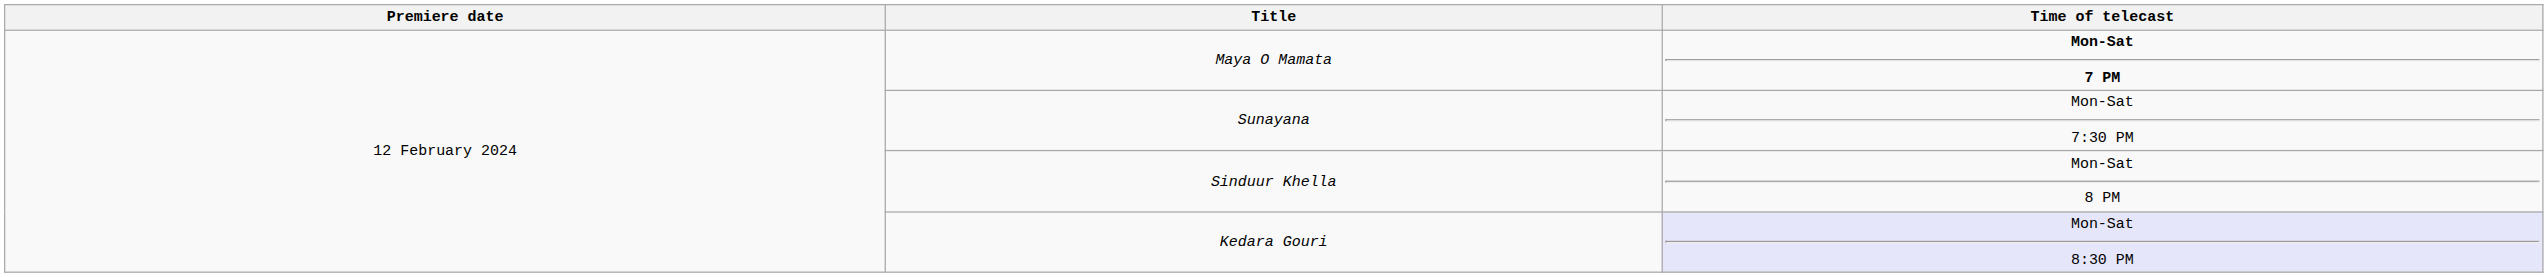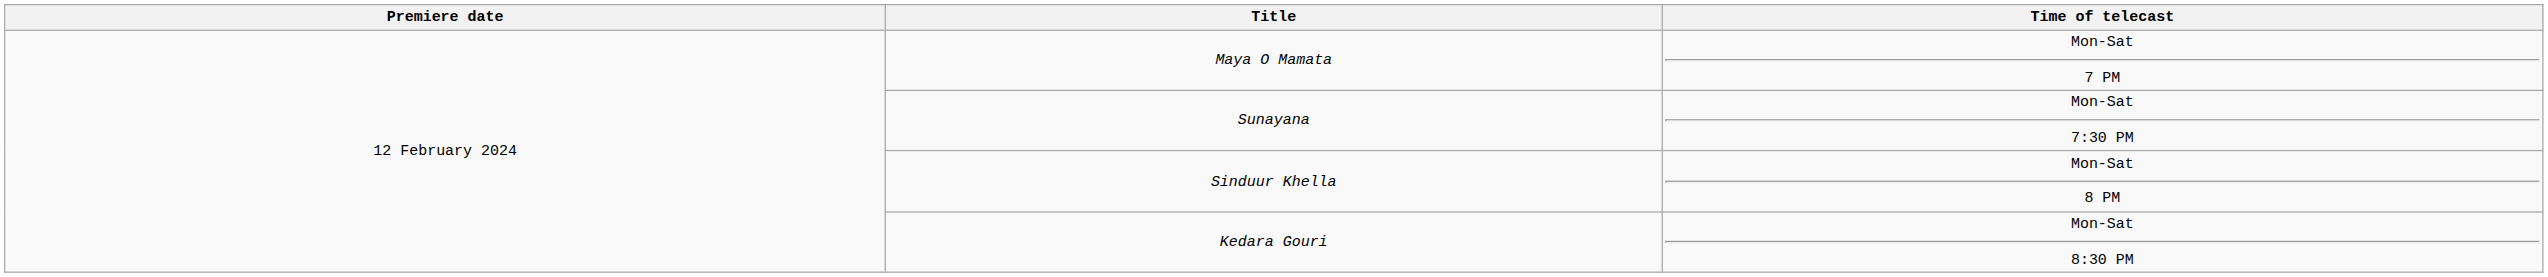 <table class="wikitable sortable" style="border-collapse:collapse; font-size: 90%; text-align:center" width="100%">
 <tr>
 <th>Premiere date</th>
 <th>Title</th>
 <th>Time of telecast</th>
 </tr>
 <tr>
 <td rowspan="4">12 February 2024</td>
 <td><em>Maya O Mamata</em></td>
-<td><strong>Mon-Sat<hr>7 PM</strong></td>
+<td>Mon-Sat<hr>7 PM</td>
 </tr>
 <tr>
 <td><em>Sunayana</em></td>
 <td>Mon-Sat<hr>7:30 PM</td>
 </tr>
 <tr>
 <td><em>Sinduur Khella</em></td>
 <td>Mon-Sat<hr>8 PM</td>
 </tr>
 <tr>
 <td><em>Kedara Gouri</em></td>
-<td style="background: lavender;">Mon-Sat<hr>8:30 PM</td>
+<td>Mon-Sat<hr>8:30 PM</td>
 </tr>
 </table>
